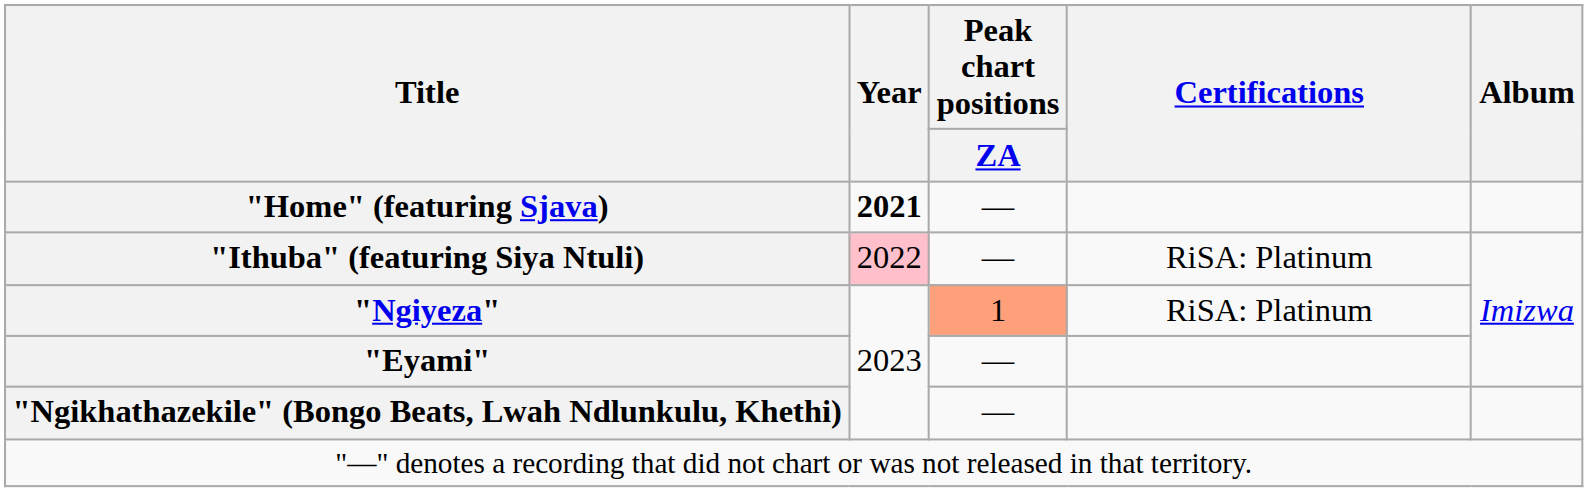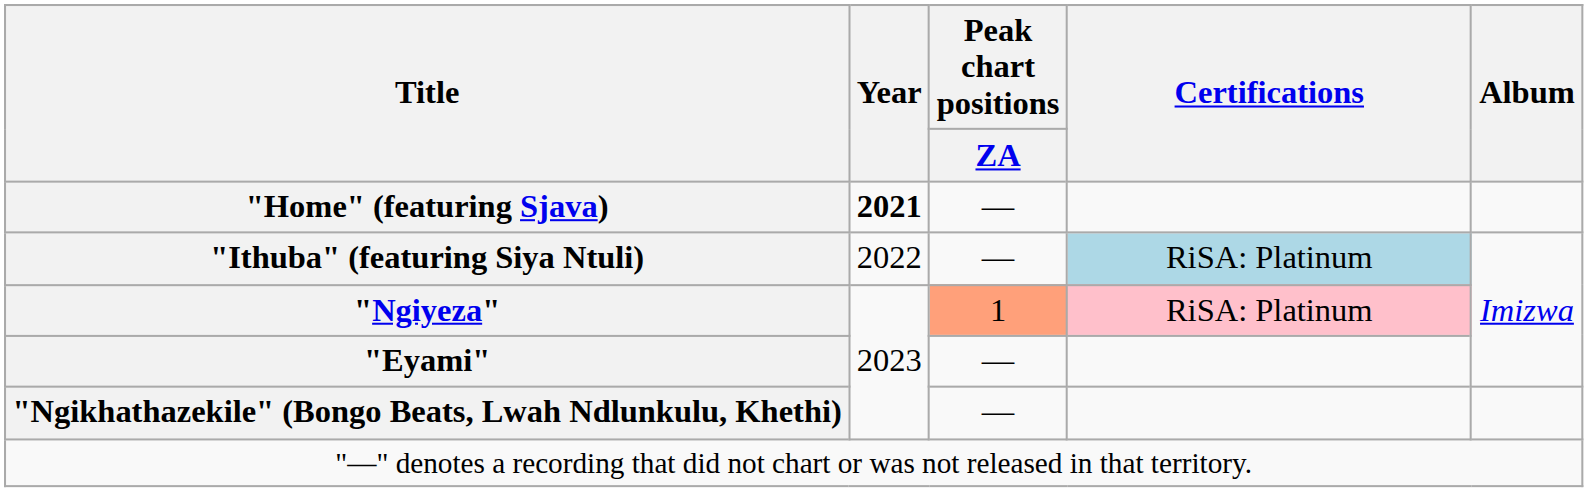 <table class="wikitable plainrowheaders" style="text-align:center;">
 <tr>
 <th scope="col" rowspan="2">Title</th>
 <th scope="col" rowspan="2">Year</th>
 <th scope="col" colspan="1">Peak chart positions</th>
 <th scope="col" rowspan="2" style="width:12em;"><a href='#'>Certifications</a></th>
 <th scope="col" rowspan="2">Album</th>
 </tr>
 <tr>
 <th scope="col" style="width:3em;font-size:100%;"><a href='#'>ZA</a><br></th>
 </tr>
 <tr>
 <th scope="row">"Home" (featuring <a href='#'>Sjava</a>)</th>
 <td><strong>2021</strong></td>
 <td>—</td>
 <td></td>
 <td></td>
 </tr>
 <tr>
 <th scope="row">"Ithuba" (featuring Siya Ntuli)</th>
-<td style="background: pink;">2022</td>
+<td>2022</td>
 <td>—</td>
-<td>RiSA: Platinum</td>
+<td style="background: lightblue;">RiSA: Platinum</td>
 <td rowspan=3><em><a href='#'>Imizwa</a></em></td>
 </tr>
 <tr>
 <th scope="row">"<a href='#'>Ngiyeza</a>"</th>
 <td rowspan=3>2023</td>
 <td style="background: lightsalmon;">1</td>
-<td>RiSA: Platinum</td>
+<td style="background: pink;">RiSA: Platinum</td>
 </tr>
 <tr>
 <th scope="row">"Eyami"</th>
 <td>—</td>
 <td></td>
 </tr>
 <tr>
 <th scope="row">"Ngikhathazekile" (Bongo Beats, Lwah Ndlunkulu, Khethi)</th>
 <td>—</td>
 <td></td>
 <td></td>
 </tr>
 <tr>
 <td colspan="8" style="font-size:90%">"—" denotes a recording that did not chart or was not released in that territory.</td>
 </tr>
 </table>
